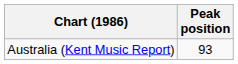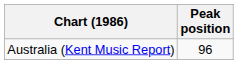 <table class="wikitable">
 <tr>
 <th scope="col">Chart (1986)</th>
 <th>Peak<br>position</th>
 </tr>
 <tr>
 <td>Australia (<a href='#'>Kent Music Report</a>)</td>
-<td style="text-align:center;">93</td>
+<td style="text-align:center;">96</td>
 </tr>
 </table>
